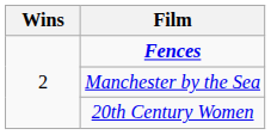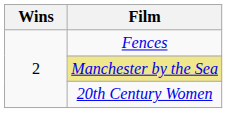 <table class="wikitable plainrowheaders" style="text-align:center;">
 <tr>
 <th scope="col" style="width:55px;">Wins</th>
 <th scope="col" style="text-align:center;">Film</th>
 </tr>
 <tr>
 <td scope=row rowspan=3 style="text-align:center;">2</td>
-<td><strong><em><a href='#'>Fences</a></em></strong></td>
+<td><em><a href='#'>Fences</a></em></td>
 </tr>
 <tr>
-<td><em><a href='#'>Manchester by the Sea</a></em></td>
+<td style="background: khaki;"><em><a href='#'>Manchester by the Sea</a></em></td>
 </tr>
 <tr>
 <td><em><a href='#'>20th Century Women</a></em></td>
 </tr>
 </table>
